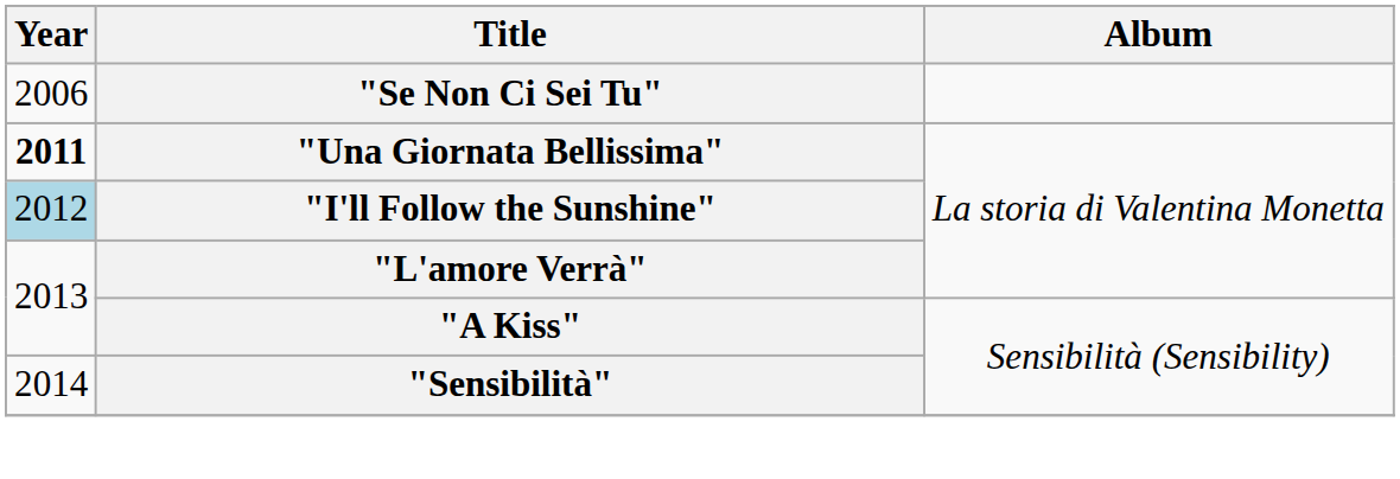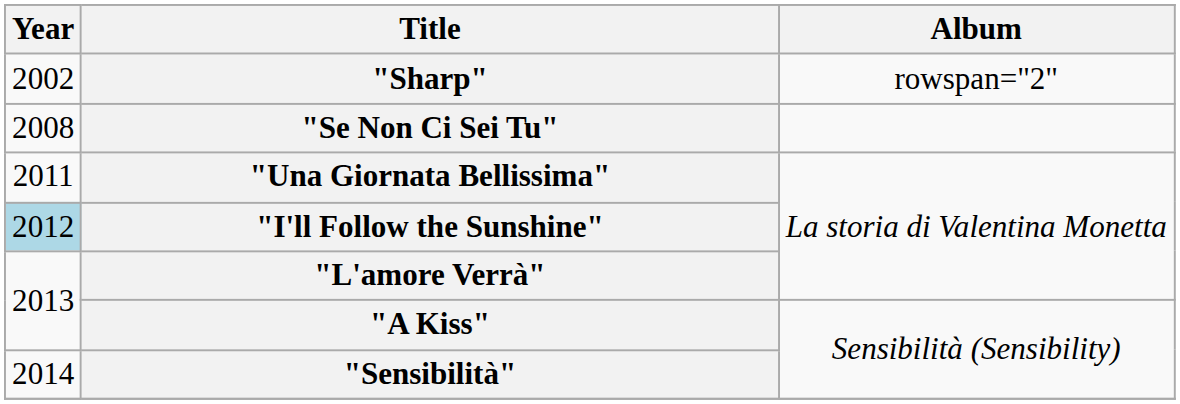 <table class="wikitable plainrowheaders" style="text-align:center;">
 <tr>
 <th scope="col" style="width:1em;">Year</th>
 <th scope="col" style="width:22em;">Title</th>
 <th scope="col">Album</th>
 </tr>
 <tr>
-<td>2006</td>
+<td>2002</td>
+<th scope="row">"Sharp"</th>
+<td>rowspan="2" </td>
+</tr>
+<tr>
+<td>2008</td>
 <th scope="row">"Se Non Ci Sei Tu"</th>
 </tr>
 <tr>
-<td><strong>2011</strong></td>
+<td>2011</td>
 <th scope="row">"Una Giornata Bellissima"</th>
 <td rowspan="3"><em>La storia di Valentina Monetta</em></td>
 </tr>
 <tr>
 <td style="background: lightblue;">2012</td>
 <th scope="row">"I'll Follow the Sunshine"</th>
 </tr>
 <tr>
 <td rowspan="2">2013</td>
 <th scope="row">"L'amore Verrà"</th>
 </tr>
 <tr>
 <th scope="row">"A Kiss"</th>
 <td rowspan="2"><em>Sensibilità (Sensibility)</em></td>
 </tr>
 <tr>
 <td>2014</td>
 <th scope="row">"Sensibilità"</th>
 </tr>
 <tr>
 </tr>
 </table>
